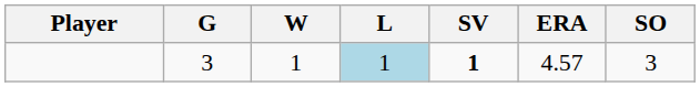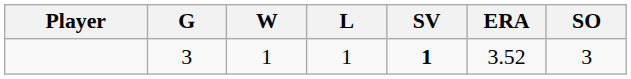 <table class="wikitable sortable">
 <tr>
 <th bgcolor="#DDDDFF" width="16%">Player</th>
 <th bgcolor="#DDDDFF" width="9%">G</th>
 <th bgcolor="#DDDDFF" width="9%">W</th>
 <th bgcolor="#DDDDFF" width="9%">L</th>
 <th bgcolor="#DDDDFF" width="9%">SV</th>
 <th bgcolor="#DDDDFF" width="9%">ERA</th>
 <th bgcolor="#DDDDFF" width="9%">SO</th>
 </tr>
 <tr align="center">
 <td></td>
 <td>3</td>
 <td>1</td>
-<td style="background: lightblue;">1</td>
+<td>1</td>
 <td><strong>1</strong></td>
-<td>4.57</td>
+<td>3.52</td>
 <td>3</td>
 </tr>
 </table>
